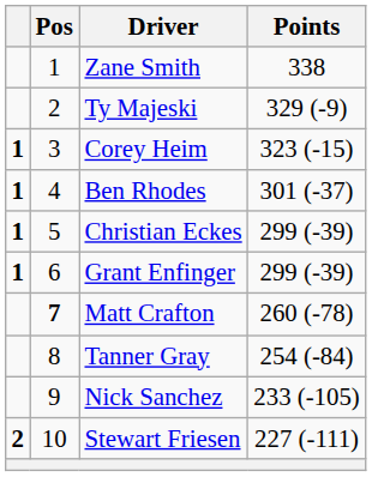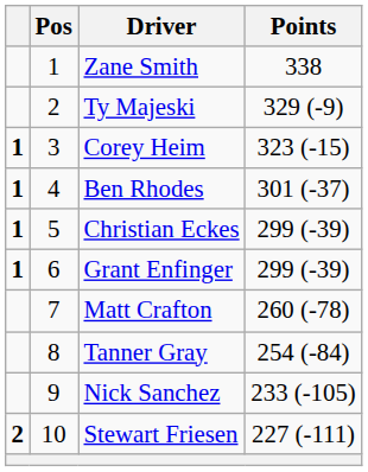 <table class="wikitable" style="font-size: 95%;">
 <tr>
 <th></th>
 <th>Pos</th>
 <th>Driver</th>
 <th>Points</th>
 </tr>
 <tr>
 <td align="left"></td>
 <td style="text-align:center;">1</td>
 <td><a href='#'>Zane Smith</a></td>
 <td style="text-align:center;">338</td>
 </tr>
 <tr>
 <td align="left"></td>
 <td style="text-align:center;">2</td>
 <td><a href='#'>Ty Majeski</a></td>
 <td style="text-align:center;">329 (-9)</td>
 </tr>
 <tr>
 <td align="left"> <strong>1</strong></td>
 <td style="text-align:center;">3</td>
 <td><a href='#'>Corey Heim</a></td>
 <td style="text-align:center;">323 (-15)</td>
 </tr>
 <tr>
 <td align="left"> <strong>1</strong></td>
 <td style="text-align:center;">4</td>
 <td><a href='#'>Ben Rhodes</a></td>
 <td style="text-align:center;">301 (-37)</td>
 </tr>
 <tr>
 <td align="left"> <strong>1</strong></td>
 <td style="text-align:center;">5</td>
 <td><a href='#'>Christian Eckes</a></td>
 <td style="text-align:center;">299 (-39)</td>
 </tr>
 <tr>
 <td align="left"> <strong>1</strong></td>
 <td style="text-align:center;">6</td>
 <td><a href='#'>Grant Enfinger</a></td>
 <td style="text-align:center;">299 (-39)</td>
 </tr>
 <tr>
 <td align="left"></td>
-<td style="text-align:center;"><strong>7</strong></td>
+<td style="text-align:center;">7</td>
 <td><a href='#'>Matt Crafton</a></td>
 <td style="text-align:center;">260 (-78)</td>
 </tr>
 <tr>
 <td align="left"></td>
 <td style="text-align:center;">8</td>
 <td><a href='#'>Tanner Gray</a></td>
 <td style="text-align:center;">254 (-84)</td>
 </tr>
 <tr>
 <td align="left"></td>
 <td style="text-align:center;">9</td>
 <td><a href='#'>Nick Sanchez</a></td>
 <td style="text-align:center;">233 (-105)</td>
 </tr>
 <tr>
 <td align="left"> <strong>2</strong></td>
 <td style="text-align:center;">10</td>
 <td><a href='#'>Stewart Friesen</a></td>
 <td style="text-align:center;">227 (-111)</td>
 </tr>
 <tr class="sortbottom">
 <th colspan="9"></th>
 </tr>
 </table>
